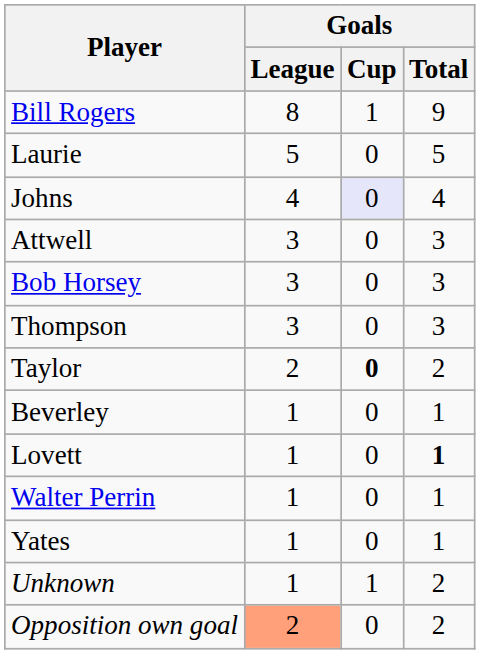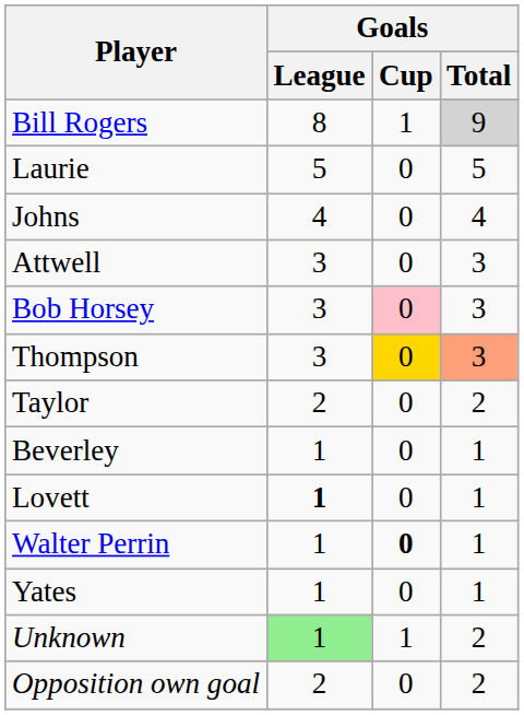 <table class="wikitable" style="text-align:center;">
 <tr>
 <th rowspan="2">Player</th>
 <th colspan="3">Goals</th>
 </tr>
 <tr>
 <th>League</th>
 <th>Cup</th>
 <th>Total</th>
 </tr>
 <tr>
 <td style="text-align:left;"><a href='#'>Bill Rogers</a></td>
 <td>8</td>
 <td>1</td>
-<td>9</td>
+<td style="background: lightgrey;">9</td>
 </tr>
 <tr>
 <td style="text-align:left;">Laurie</td>
 <td>5</td>
 <td>0</td>
 <td>5</td>
 </tr>
 <tr>
 <td style="text-align:left;">Johns</td>
 <td>4</td>
-<td style="background: lavender;">0</td>
+<td>0</td>
 <td>4</td>
 </tr>
 <tr>
 <td style="text-align:left;">Attwell</td>
 <td>3</td>
 <td>0</td>
 <td>3</td>
 </tr>
 <tr>
 <td style="text-align:left;"><a href='#'>Bob Horsey</a></td>
 <td>3</td>
-<td>0</td>
+<td style="background: pink;">0</td>
 <td>3</td>
 </tr>
 <tr>
 <td style="text-align:left;">Thompson</td>
 <td>3</td>
-<td>0</td>
-<td>3</td>
+<td style="background: gold;">0</td>
+<td style="background: lightsalmon;">3</td>
 </tr>
 <tr>
 <td style="text-align:left;">Taylor</td>
 <td>2</td>
-<td><strong>0</strong></td>
+<td>0</td>
 <td>2</td>
 </tr>
 <tr>
 <td style="text-align:left;">Beverley</td>
 <td>1</td>
 <td>0</td>
 <td>1</td>
 </tr>
 <tr>
 <td style="text-align:left;">Lovett</td>
+<td><strong>1</strong></td>
+<td>0</td>
 <td>1</td>
-<td>0</td>
-<td><strong>1</strong></td>
 </tr>
 <tr>
 <td style="text-align:left;"><a href='#'>Walter Perrin</a></td>
 <td>1</td>
-<td>0</td>
+<td><strong>0</strong></td>
 <td>1</td>
 </tr>
 <tr>
 <td style="text-align:left;">Yates</td>
 <td>1</td>
 <td>0</td>
 <td>1</td>
 </tr>
 <tr>
 <td style="text-align:left;"><em>Unknown</em></td>
-<td>1</td>
+<td style="background: lightgreen;">1</td>
 <td>1</td>
 <td>2</td>
 </tr>
 <tr>
 <td style="text-align:left;"><em>Opposition own goal</em></td>
-<td style="background: lightsalmon;">2</td>
+<td>2</td>
 <td>0</td>
 <td>2</td>
 </tr>
 </table>
